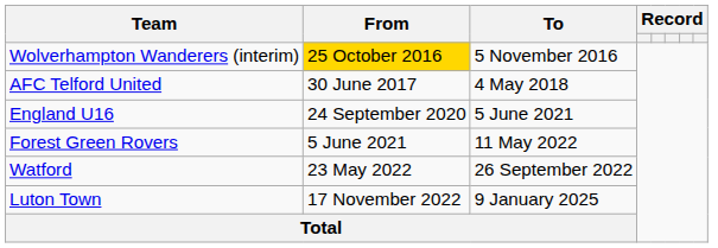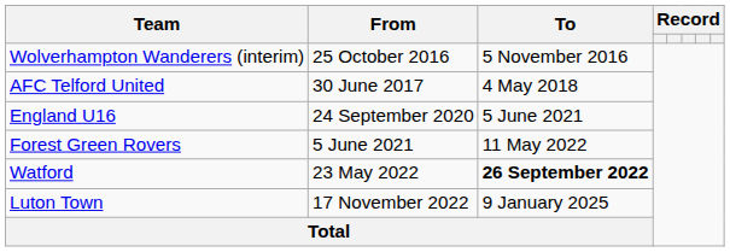 <table class="wikitable" style="text-align: center;">
 <tr>
 <th rowspan="2">Team</th>
 <th rowspan="2">From</th>
 <th rowspan="2">To</th>
 <th colspan="5">Record</th>
 </tr>
 <tr>
 <th></th>
 <th></th>
 <th></th>
 <th></th>
 <th></th>
 </tr>
 <tr>
 <td align=left><a href='#'>Wolverhampton Wanderers</a> (interim)</td>
-<td align=left style="background: gold;">25 October 2016</td>
+<td align=left>25 October 2016</td>
 <td align=left>5 November 2016<br></td>
 </tr>
 <tr>
 <td align=left><a href='#'>AFC Telford United</a></td>
 <td align=left>30 June 2017</td>
 <td align=left>4 May 2018<br></td>
 </tr>
 <tr>
 <td align=left><a href='#'>England U16</a></td>
 <td align=left>24 September 2020</td>
 <td align=left>5 June 2021<br></td>
 </tr>
 <tr>
 <td align=left><a href='#'>Forest Green Rovers</a></td>
 <td align=left>5 June 2021</td>
 <td align=left>11 May 2022<br></td>
 </tr>
 <tr>
 <td align=left><a href='#'>Watford</a></td>
 <td align=left>23 May 2022</td>
-<td align=left>26 September 2022<br></td>
+<td align=left><strong>26 September 2022<br></strong></td>
 </tr>
 <tr>
 <td align=left><a href='#'>Luton Town</a></td>
 <td align=left>17 November 2022</td>
 <td align=left>9 January 2025<br></td>
 </tr>
 <tr>
 <th colspan=3>Total<br></th>
 </tr>
 </table>
